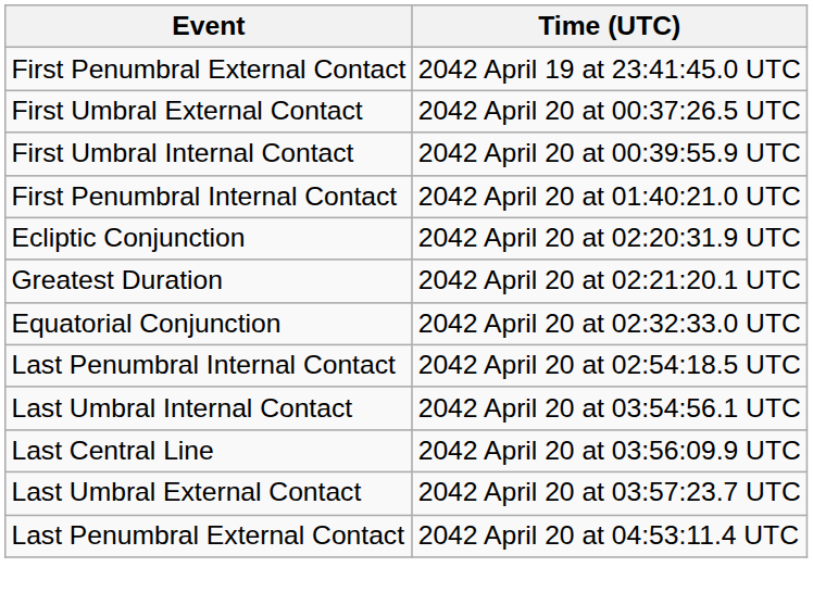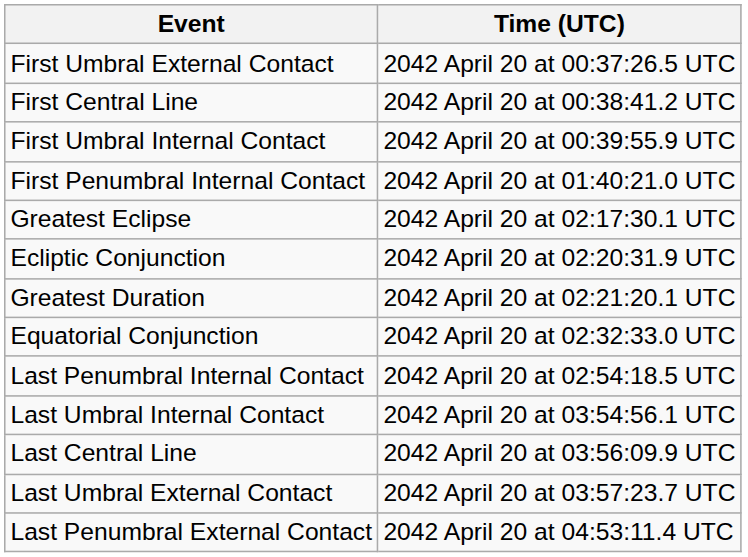 <table class="wikitable">
 <tr>
 <th>Event</th>
 <th>Time (UTC)</th>
 </tr>
 <tr>
-<td>First Penumbral External Contact</td>
-<td>2042 April 19 at 23:41:45.0 UTC</td>
+<td>First Umbral External Contact</td>
+<td>2042 April 20 at 00:37:26.5 UTC</td>
 </tr>
 <tr>
-<td>First Umbral External Contact</td>
-<td>2042 April 20 at 00:37:26.5 UTC</td>
+<td>First Central Line</td>
+<td>2042 April 20 at 00:38:41.2 UTC</td>
 </tr>
 <tr>
 <td>First Umbral Internal Contact</td>
 <td>2042 April 20 at 00:39:55.9 UTC</td>
 </tr>
 <tr>
 <td>First Penumbral Internal Contact</td>
 <td>2042 April 20 at 01:40:21.0 UTC</td>
+</tr>
+<tr>
+<td>Greatest Eclipse</td>
+<td>2042 April 20 at 02:17:30.1 UTC</td>
 </tr>
 <tr>
 <td>Ecliptic Conjunction</td>
 <td>2042 April 20 at 02:20:31.9 UTC</td>
 </tr>
 <tr>
 <td>Greatest Duration</td>
 <td>2042 April 20 at 02:21:20.1 UTC</td>
 </tr>
 <tr>
 <td>Equatorial Conjunction</td>
 <td>2042 April 20 at 02:32:33.0 UTC</td>
 </tr>
 <tr>
 <td>Last Penumbral Internal Contact</td>
 <td>2042 April 20 at 02:54:18.5 UTC</td>
 </tr>
 <tr>
 <td>Last Umbral Internal Contact</td>
 <td>2042 April 20 at 03:54:56.1 UTC</td>
 </tr>
 <tr>
 <td>Last Central Line</td>
 <td>2042 April 20 at 03:56:09.9 UTC</td>
 </tr>
 <tr>
 <td>Last Umbral External Contact</td>
 <td>2042 April 20 at 03:57:23.7 UTC</td>
 </tr>
 <tr>
 <td>Last Penumbral External Contact</td>
 <td>2042 April 20 at 04:53:11.4 UTC</td>
 </tr>
 </table>
